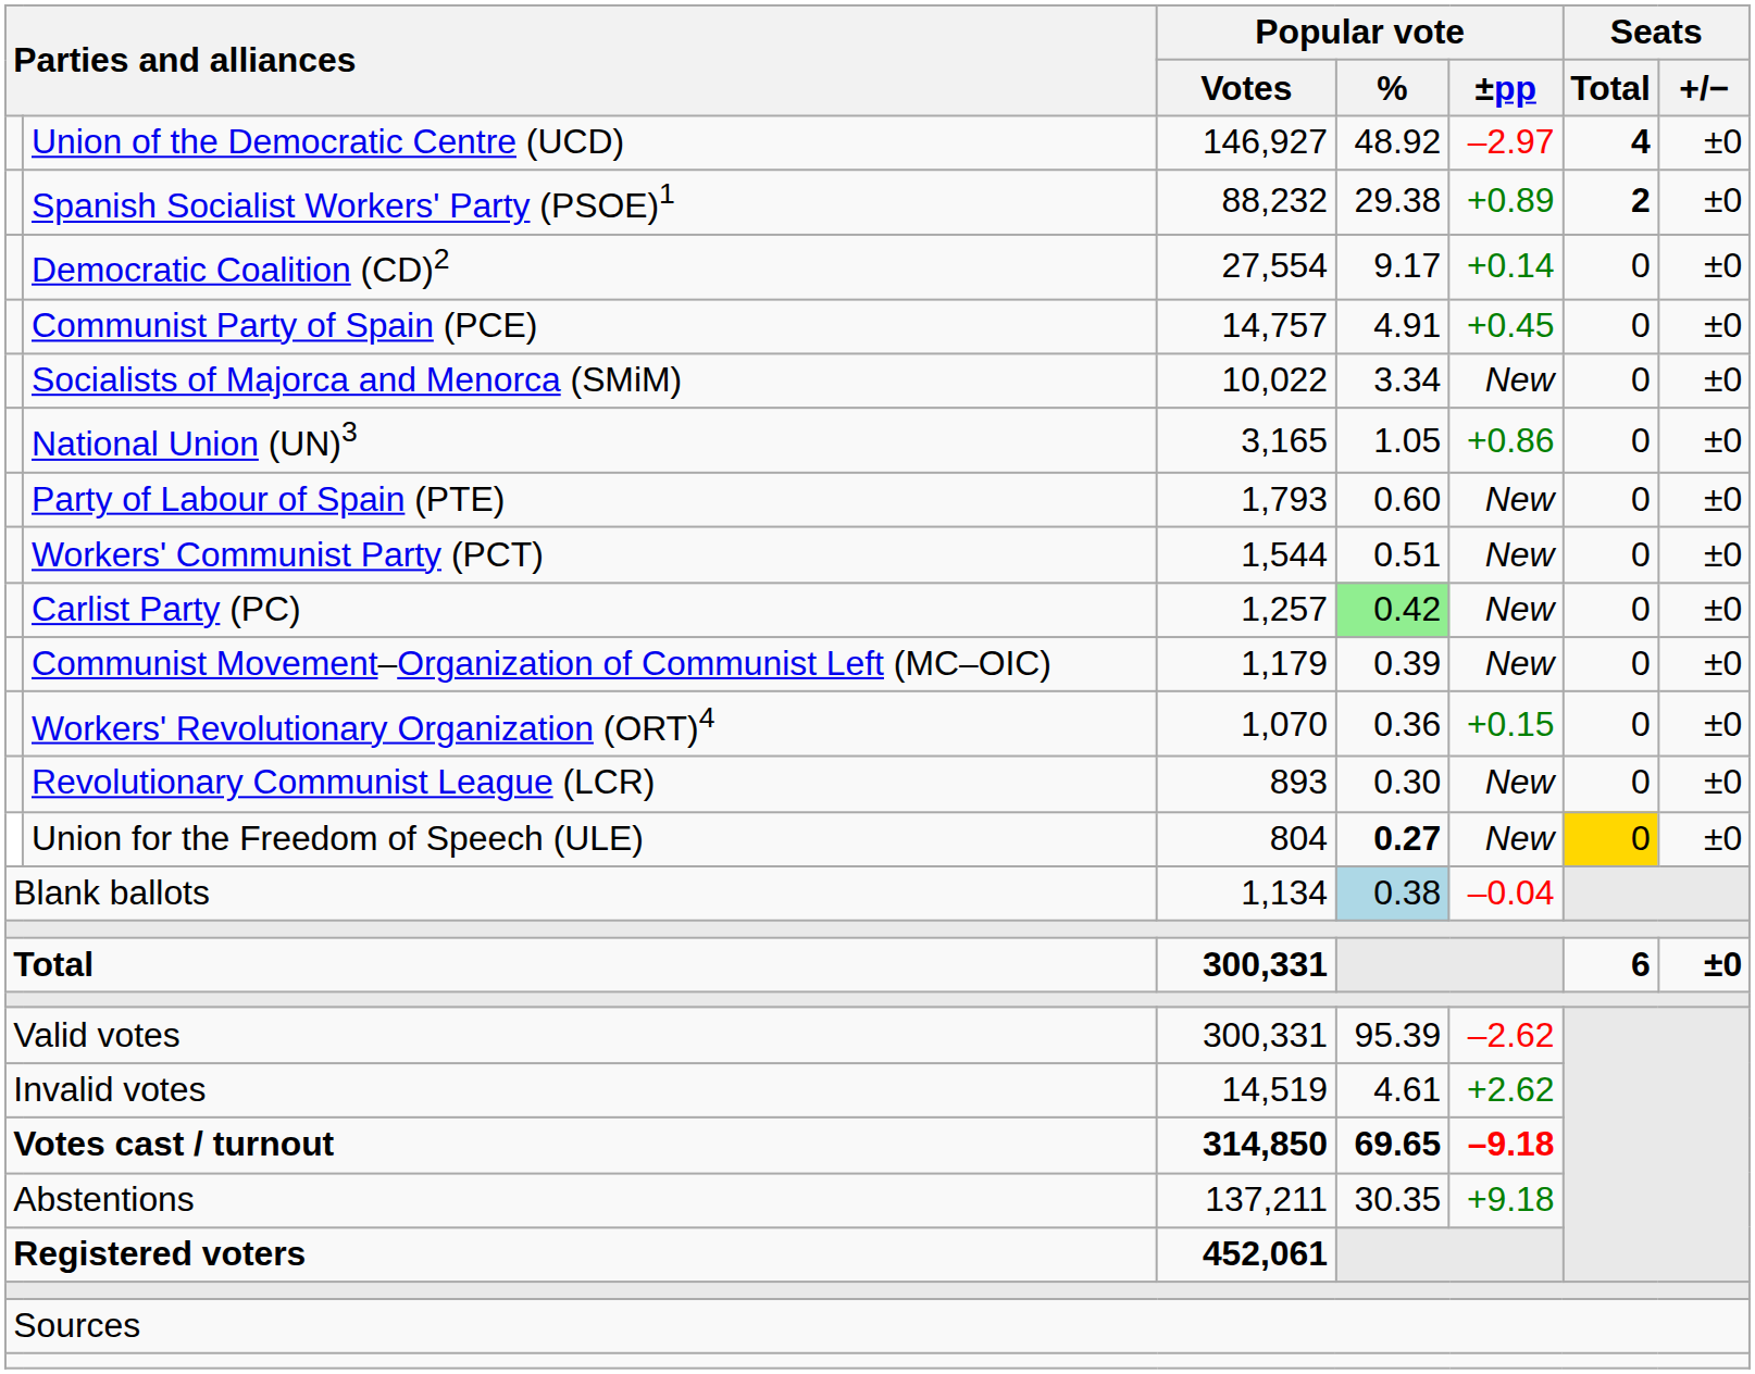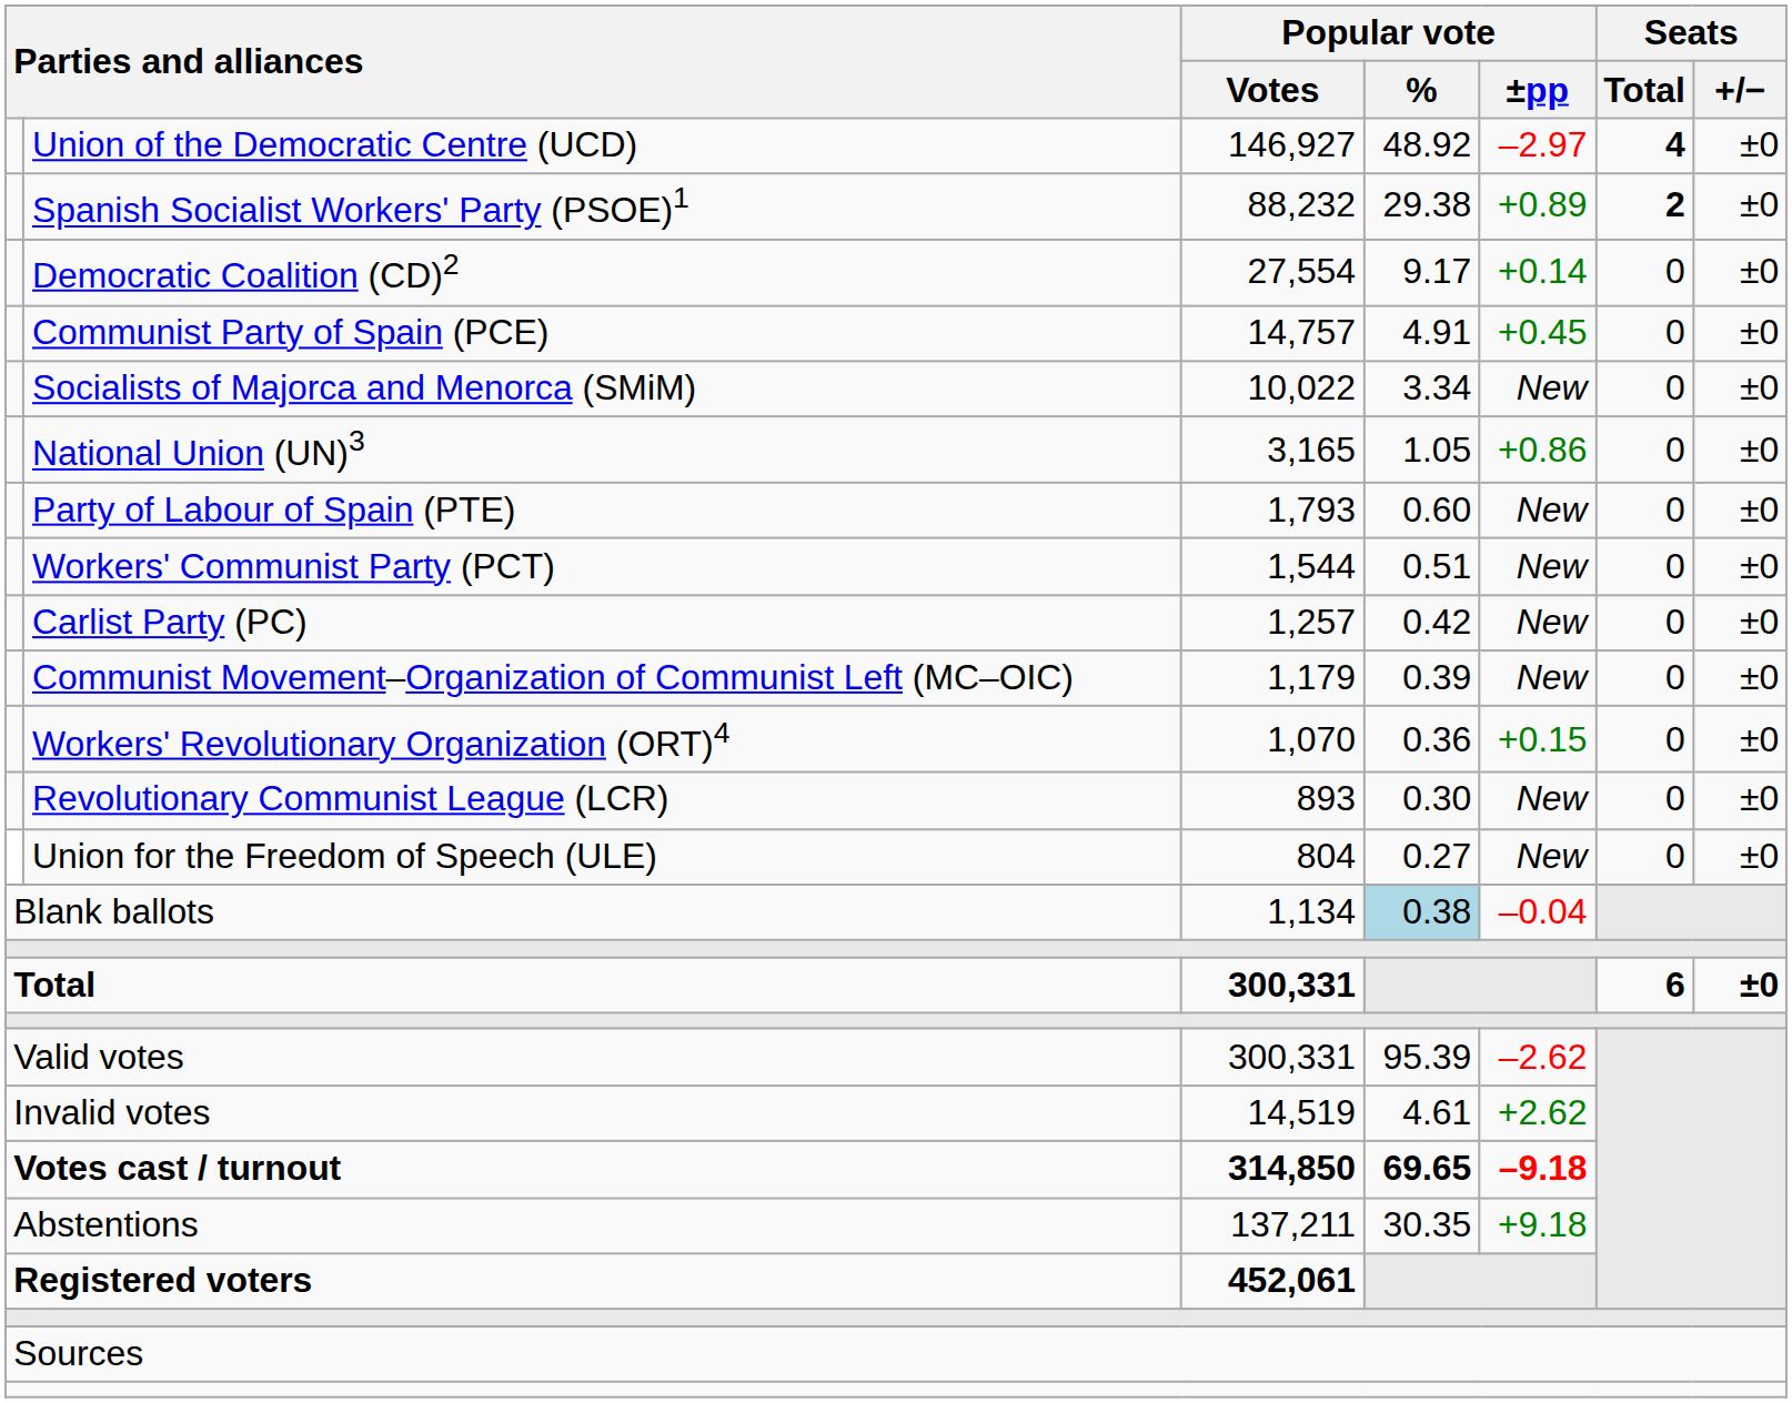 <table class="wikitable" style="text-align:right;">
 <tr>
 <th style="text-align:left;" rowspan="2" colspan="2" width="525">Parties and alliances</th>
 <th colspan="3">Popular vote</th>
 <th colspan="2">Seats</th>
 </tr>
 <tr>
 <th width="75">Votes</th>
 <th width="45">%</th>
 <th width="45">±<a href='#'>pp</a></th>
 <th width="35">Total</th>
 <th width="35">+/−</th>
 </tr>
 <tr>
 <td width="1" style="color:inherit;background:"></td>
 <td align="left"><a href='#'>Union of the Democratic Centre</a> (UCD)</td>
 <td>146,927</td>
 <td>48.92</td>
 <td style="color:red;">–2.97</td>
 <td><strong>4</strong></td>
 <td>±0</td>
 </tr>
 <tr>
 <td style="color:inherit;background:"></td>
 <td align="left"><a href='#'>Spanish Socialist Workers' Party</a> (PSOE)<sup>1</sup></td>
 <td>88,232</td>
 <td>29.38</td>
 <td style="color:green;">+0.89</td>
 <td><strong>2</strong></td>
 <td>±0</td>
 </tr>
 <tr>
 <td style="color:inherit;background:"></td>
 <td align="left"><a href='#'>Democratic Coalition</a> (CD)<sup>2</sup></td>
 <td>27,554</td>
 <td>9.17</td>
 <td style="color:green;">+0.14</td>
 <td>0</td>
 <td>±0</td>
 </tr>
 <tr>
 <td style="color:inherit;background:"></td>
 <td align="left"><a href='#'>Communist Party of Spain</a> (PCE)</td>
 <td>14,757</td>
 <td>4.91</td>
 <td style="color:green;">+0.45</td>
 <td>0</td>
 <td>±0</td>
 </tr>
 <tr>
 <td style="color:inherit;background:"></td>
 <td align="left"><a href='#'>Socialists of Majorca and Menorca</a> (SMiM)</td>
 <td>10,022</td>
 <td>3.34</td>
 <td><em>New</em></td>
 <td>0</td>
 <td>±0</td>
 </tr>
 <tr>
 <td style="color:inherit;background:"></td>
 <td align="left"><a href='#'>National Union</a> (UN)<sup>3</sup></td>
 <td>3,165</td>
 <td>1.05</td>
 <td style="color:green;">+0.86</td>
 <td>0</td>
 <td>±0</td>
 </tr>
 <tr>
 <td style="color:inherit;background:"></td>
 <td align="left"><a href='#'>Party of Labour of Spain</a> (PTE)</td>
 <td>1,793</td>
 <td>0.60</td>
 <td><em>New</em></td>
 <td>0</td>
 <td>±0</td>
 </tr>
 <tr>
 <td style="color:inherit;background:"></td>
 <td align="left"><a href='#'>Workers' Communist Party</a> (PCT)</td>
 <td>1,544</td>
 <td>0.51</td>
 <td><em>New</em></td>
 <td>0</td>
 <td>±0</td>
 </tr>
 <tr>
 <td style="color:inherit;background:"></td>
 <td align="left"><a href='#'>Carlist Party</a> (PC)</td>
 <td>1,257</td>
-<td style="background: lightgreen;">0.42</td>
+<td>0.42</td>
 <td><em>New</em></td>
 <td>0</td>
 <td>±0</td>
 </tr>
 <tr>
 <td style="color:inherit;background:"></td>
 <td align="left"><a href='#'>Communist Movement</a>–<a href='#'>Organization of Communist Left</a> (MC–OIC)</td>
 <td>1,179</td>
 <td>0.39</td>
 <td><em>New</em></td>
 <td>0</td>
 <td>±0</td>
 </tr>
 <tr>
 <td style="color:inherit;background:"></td>
 <td align="left"><a href='#'>Workers' Revolutionary Organization</a> (ORT)<sup>4</sup></td>
 <td>1,070</td>
 <td>0.36</td>
 <td style="color:green;">+0.15</td>
 <td>0</td>
 <td>±0</td>
 </tr>
 <tr>
 <td style="color:inherit;background:"></td>
 <td align="left"><a href='#'>Revolutionary Communist League</a> (LCR)</td>
 <td>893</td>
 <td>0.30</td>
 <td><em>New</em></td>
 <td>0</td>
 <td>±0</td>
 </tr>
 <tr>
 <td bgcolor="white"></td>
 <td align="left">Union for the Freedom of Speech (ULE)</td>
 <td>804</td>
-<td><strong>0.27</strong></td>
+<td>0.27</td>
 <td><em>New</em></td>
-<td style="background: gold;">0</td>
+<td>0</td>
 <td>±0</td>
 </tr>
 <tr>
 <td align="left" colspan="2">Blank ballots</td>
 <td>1,134</td>
 <td style="background: lightblue;">0.38</td>
 <td style="color:red;">–0.04</td>
 <td bgcolor="#E9E9E9" colspan="2"></td>
 </tr>
 <tr>
 <td colspan="7" bgcolor="#E9E9E9"></td>
 </tr>
 <tr style="font-weight:bold;">
 <td align="left" colspan="2">Total</td>
 <td>300,331</td>
 <td bgcolor="#E9E9E9" colspan="2"></td>
 <td>6</td>
 <td>±0</td>
 </tr>
 <tr>
 <td colspan="7" bgcolor="#E9E9E9"></td>
 </tr>
 <tr>
 <td align="left" colspan="2">Valid votes</td>
 <td>300,331</td>
 <td>95.39</td>
 <td style="color:red;">–2.62</td>
 <td bgcolor="#E9E9E9" colspan="2" rowspan="5"></td>
 </tr>
 <tr>
 <td align="left" colspan="2">Invalid votes</td>
 <td>14,519</td>
 <td>4.61</td>
 <td style="color:green;">+2.62</td>
 </tr>
 <tr style="font-weight:bold;">
 <td align="left" colspan="2">Votes cast / turnout</td>
 <td>314,850</td>
 <td>69.65</td>
 <td style="color:red;">–9.18</td>
 </tr>
 <tr>
 <td align="left" colspan="2">Abstentions</td>
 <td>137,211</td>
 <td>30.35</td>
 <td style="color:green;">+9.18</td>
 </tr>
 <tr style="font-weight:bold;">
 <td align="left" colspan="2">Registered voters</td>
 <td>452,061</td>
 <td bgcolor="#E9E9E9" colspan="2"></td>
 </tr>
 <tr>
 <td colspan="7" bgcolor="#E9E9E9"></td>
 </tr>
 <tr>
 <td align="left" colspan="7">Sources</td>
 </tr>
 <tr>
 <td colspan="7" style="text-align:left; max-width:790px;"></td>
 </tr>
 </table>
